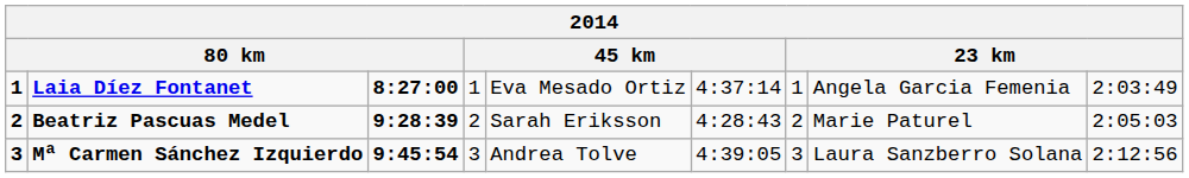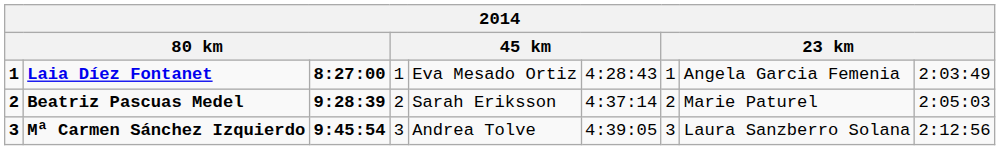 <table class="wikitable">
 <tr>
 <th colspan="9">2014</th>
 </tr>
 <tr>
 <th colspan="3">80 km</th>
 <th colspan="3">45 km</th>
 <th colspan="3">23 km</th>
 </tr>
 <tr>
 <td><strong>1</strong></td>
 <td><strong><a href='#'>Laia Díez Fontanet</a></strong></td>
 <td><strong>8:27:00</strong></td>
 <td>1</td>
 <td>Eva Mesado Ortiz</td>
-<td>4:37:14</td>
+<td>4:28:43</td>
 <td>1</td>
 <td>Angela Garcia Femenia</td>
 <td>2:03:49</td>
 </tr>
 <tr>
 <td><strong>2</strong></td>
 <td><strong>Beatriz Pascuas Medel</strong></td>
 <td><strong>9:28:39</strong></td>
 <td>2</td>
 <td>Sarah Eriksson</td>
-<td>4:28:43</td>
+<td>4:37:14</td>
 <td>2</td>
 <td>Marie Paturel</td>
 <td>2:05:03</td>
 </tr>
 <tr>
 <td><strong>3</strong></td>
 <td><strong>Mª Carmen Sánchez Izquierdo</strong></td>
 <td><strong>9:45:54</strong></td>
 <td>3</td>
 <td>Andrea Tolve</td>
 <td>4:39:05</td>
 <td>3</td>
 <td>Laura Sanzberro Solana</td>
 <td>2:12:56</td>
 </tr>
 </table>
